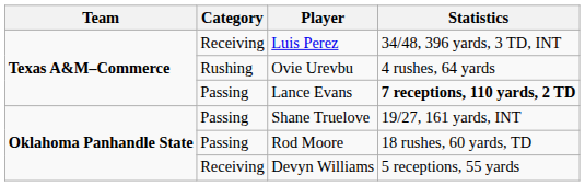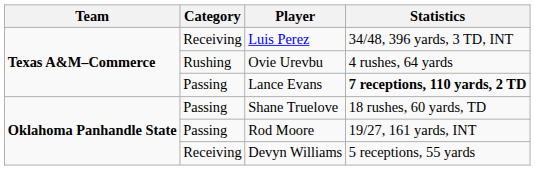 <table class="wikitable" style="float: left;">
 <tr>
 <th>Team</th>
 <th>Category</th>
 <th>Player</th>
 <th>Statistics</th>
 </tr>
 <tr>
 <td rowspan=3><strong>Texas A&M–Commerce</strong></td>
 <td>Receiving</td>
 <td><a href='#'>Luis Perez</a></td>
 <td>34/48, 396 yards, 3 TD, INT</td>
 </tr>
 <tr>
 <td>Rushing</td>
 <td>Ovie Urevbu</td>
 <td>4 rushes, 64 yards</td>
 </tr>
 <tr>
 <td>Passing</td>
 <td>Lance Evans</td>
 <td><strong>7 receptions, 110 yards, 2 TD</strong></td>
 </tr>
 <tr>
 <td rowspan=3><strong>Oklahoma Panhandle State</strong></td>
 <td>Passing</td>
 <td>Shane Truelove</td>
-<td>19/27, 161 yards, INT</td>
+<td>18 rushes, 60 yards, TD</td>
 </tr>
 <tr>
 <td>Passing</td>
 <td>Rod Moore</td>
-<td>18 rushes, 60 yards, TD</td>
+<td>19/27, 161 yards, INT</td>
 </tr>
 <tr>
 <td>Receiving</td>
 <td>Devyn Williams</td>
 <td>5 receptions, 55 yards</td>
 </tr>
 </table>
